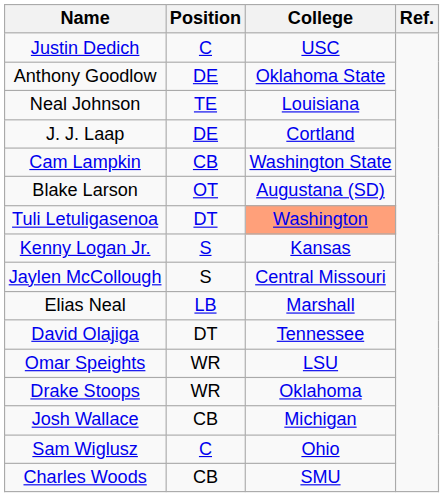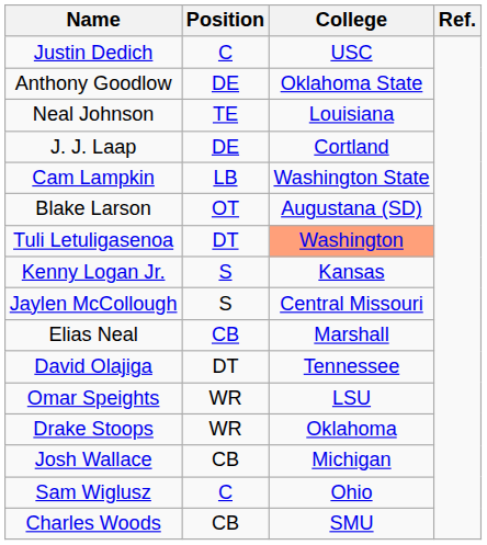 <table class="wikitable" style="text-align:center">
 <tr>
 <th>Name</th>
 <th>Position</th>
 <th>College</th>
 <th>Ref.</th>
 </tr>
 <tr>
 <td><a href='#'>Justin Dedich</a></td>
 <td><a href='#'>C</a></td>
 <td><a href='#'>USC</a></td>
 <td rowspan="16"></td>
 </tr>
 <tr>
 <td>Anthony Goodlow</td>
 <td><a href='#'>DE</a></td>
 <td><a href='#'>Oklahoma State</a></td>
 </tr>
 <tr>
 <td>Neal Johnson</td>
 <td><a href='#'>TE</a></td>
 <td><a href='#'>Louisiana</a></td>
 </tr>
 <tr>
 <td>J. J. Laap</td>
 <td><a href='#'>DE</a></td>
 <td><a href='#'>Cortland</a></td>
 </tr>
 <tr>
 <td><a href='#'>Cam Lampkin</a></td>
-<td><a href='#'>CB</a></td>
+<td><a href='#'>LB</a></td>
 <td><a href='#'>Washington State</a></td>
 </tr>
 <tr>
 <td>Blake Larson</td>
 <td><a href='#'>OT</a></td>
 <td><a href='#'>Augustana (SD)</a></td>
 </tr>
 <tr>
 <td><a href='#'>Tuli Letuligasenoa</a></td>
 <td><a href='#'>DT</a></td>
 <td style="background: lightsalmon;"><a href='#'>Washington</a></td>
 </tr>
 <tr>
 <td><a href='#'>Kenny Logan Jr.</a></td>
 <td><a href='#'>S</a></td>
 <td><a href='#'>Kansas</a></td>
 </tr>
 <tr>
 <td><a href='#'>Jaylen McCollough</a></td>
 <td>S</td>
 <td><a href='#'>Central Missouri</a></td>
 </tr>
 <tr>
 <td>Elias Neal</td>
-<td><a href='#'>LB</a></td>
+<td><a href='#'>CB</a></td>
 <td><a href='#'>Marshall</a></td>
 </tr>
 <tr>
 <td><a href='#'>David Olajiga</a></td>
 <td>DT</td>
 <td><a href='#'>Tennessee</a></td>
 </tr>
 <tr>
 <td><a href='#'>Omar Speights</a></td>
 <td>WR</td>
 <td><a href='#'>LSU</a></td>
 </tr>
 <tr>
 <td><a href='#'>Drake Stoops</a></td>
 <td>WR</td>
 <td><a href='#'>Oklahoma</a></td>
 </tr>
 <tr>
 <td><a href='#'>Josh Wallace</a></td>
 <td>CB</td>
 <td><a href='#'>Michigan</a></td>
 </tr>
 <tr>
 <td><a href='#'>Sam Wiglusz</a></td>
 <td><a href='#'>C</a></td>
 <td><a href='#'>Ohio</a></td>
 </tr>
 <tr>
 <td><a href='#'>Charles Woods</a></td>
 <td>CB</td>
 <td><a href='#'>SMU</a></td>
 </tr>
 </table>
